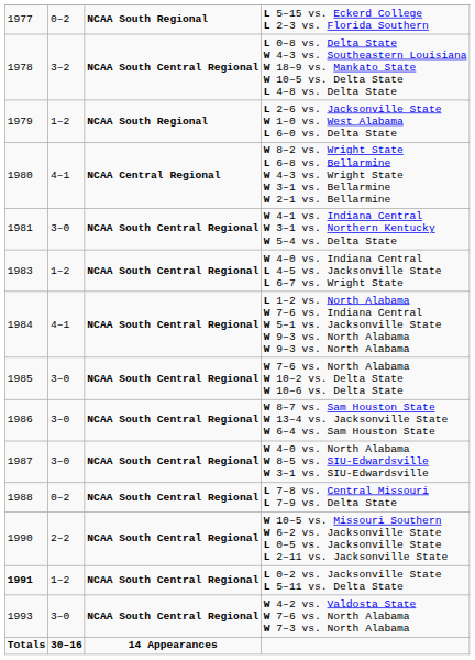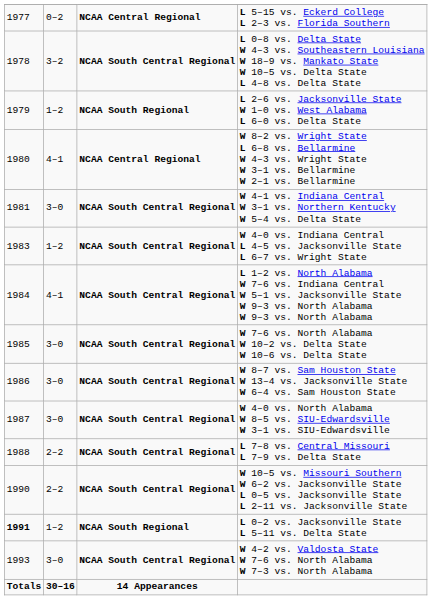 <table class="wikitable" style="text-align:center;">
 <tr>
 </tr>
 <tr style="text-align:left;">
 <td>1977</td>
 <td>0–2</td>
-<td><strong>NCAA South Regional</strong></td>
+<td><strong>NCAA Central Regional</strong></td>
 <td><strong>L</strong> 5–15 vs. <a href='#'>Eckerd College</a><br><strong>L</strong> 2–3 vs. <a href='#'>Florida Southern</a></td>
 </tr>
 <tr style="text-align:left;">
 <td>1978</td>
 <td>3–2</td>
 <td><strong>NCAA South Central Regional</strong></td>
 <td><strong>L</strong> 0–8 vs. <a href='#'>Delta State</a><br><strong>W</strong> 4–3 vs. <a href='#'>Southeastern Louisiana</a><br><strong>W</strong> 18–9 vs. <a href='#'>Mankato State</a><br><strong>W</strong> 10–5 vs. Delta State<br><strong>L</strong> 4–8 vs. Delta State</td>
 </tr>
 <tr style="text-align:left;">
 <td>1979</td>
 <td>1–2</td>
 <td><strong>NCAA South Regional</strong></td>
 <td><strong>L</strong> 2–6 vs. <a href='#'>Jacksonville State</a><br><strong>W</strong> 1–0 vs. <a href='#'>West Alabama</a><br><strong>L</strong> 6–0 vs. Delta State</td>
 </tr>
 <tr style="text-align:left;">
 <td>1980</td>
 <td>4–1</td>
 <td><strong>NCAA Central Regional</strong></td>
 <td><strong>W</strong> 8–2 vs. <a href='#'>Wright State</a><br><strong>L</strong> 6–8 vs. <a href='#'>Bellarmine</a><br><strong>W</strong> 4–3 vs. Wright State<br><strong>W</strong> 3–1 vs. Bellarmine<br><strong>W</strong> 2–1 vs. Bellarmine</td>
 </tr>
 <tr style="text-align:left;">
 <td>1981</td>
 <td>3–0</td>
 <td><strong>NCAA South Central Regional</strong></td>
 <td><strong>W</strong> 4–1 vs. <a href='#'>Indiana Central</a><br><strong>W</strong> 3–1 vs. <a href='#'>Northern Kentucky</a><br><strong>W</strong> 5–4 vs. Delta State</td>
 </tr>
 <tr style="text-align:left;">
 <td>1983</td>
 <td>1–2</td>
 <td><strong>NCAA South Central Regional</strong></td>
 <td><strong>W</strong> 4–0 vs. Indiana Central<br><strong>L</strong> 4–5 vs. Jacksonville State<br><strong>L</strong> 6–7 vs. Wright State</td>
 </tr>
 <tr style="text-align:left;">
 <td>1984</td>
 <td>4–1</td>
 <td><strong>NCAA South Central Regional</strong></td>
 <td><strong>L</strong> 1–2 vs. <a href='#'>North Alabama</a><br><strong>W</strong> 7–6 vs. Indiana Central<br><strong>W</strong> 5–1 vs. Jacksonville State<br><strong>W</strong> 9–3 vs. North Alabama<br><strong>W</strong> 9–3 vs. North Alabama</td>
 </tr>
 <tr style="text-align:left;">
 <td>1985</td>
 <td>3–0</td>
 <td><strong>NCAA South Central Regional</strong></td>
 <td><strong>W</strong> 7–6 vs. North Alabama<br><strong>W</strong> 10–2 vs. Delta State<br><strong>W</strong> 10–6 vs. Delta State</td>
 </tr>
 <tr style="text-align:left;">
 <td>1986</td>
 <td>3–0</td>
 <td><strong>NCAA South Central Regional</strong></td>
 <td><strong>W</strong> 8–7 vs. <a href='#'>Sam Houston State</a><br><strong>W</strong> 13–4 vs. Jacksonville State<br><strong>W</strong> 6–4 vs. Sam Houston State</td>
 </tr>
 <tr style="text-align:left;">
 <td>1987</td>
 <td>3–0</td>
 <td><strong>NCAA South Central Regional</strong></td>
 <td><strong>W</strong> 4–0 vs. North Alabama<br><strong>W</strong> 8–5 vs. <a href='#'>SIU-Edwardsville</a><br><strong>W</strong> 3–1 vs. SIU-Edwardsville</td>
 </tr>
 <tr style="text-align:left;">
 <td>1988</td>
-<td>0–2</td>
+<td>2–2</td>
 <td><strong>NCAA South Central Regional</strong></td>
 <td><strong>L</strong> 7–8 vs. <a href='#'>Central Missouri</a><br><strong>L</strong> 7–9 vs. Delta State</td>
 </tr>
 <tr style="text-align:left;">
 <td>1990</td>
 <td>2–2</td>
 <td><strong>NCAA South Central Regional</strong></td>
 <td><strong>W</strong> 10–5 vs. <a href='#'>Missouri Southern</a><br><strong>W</strong> 6–2 vs. Jacksonville State<br><strong>L</strong> 0–5 vs. Jacksonville State<br><strong>L</strong> 2–11 vs. Jacksonville State</td>
 </tr>
 <tr style="text-align:left;">
 <td><strong>1991</strong></td>
 <td>1–2</td>
-<td><strong>NCAA South Central Regional</strong></td>
+<td><strong>NCAA South Regional</strong></td>
 <td><strong>L</strong> 0–2 vs. Jacksonville State<br><strong>L</strong> 5–11 vs. Delta State</td>
 </tr>
 <tr style="text-align:left;">
 <td>1993</td>
 <td>3–0</td>
 <td><strong>NCAA South Central Regional</strong></td>
 <td><strong>W</strong> 4–2 vs. <a href='#'>Valdosta State</a><br><strong>W</strong> 7–6 vs. North Alabama<br><strong>W</strong> 7–3 vs. North Alabama</td>
 </tr>
 <tr class="unsortable" style="text-align:center; ">
 <td><strong>Totals</strong></td>
 <td><strong>30–16</strong></td>
 <td><strong>14 Appearances</strong></td>
 <td></td>
 </tr>
 </table>
